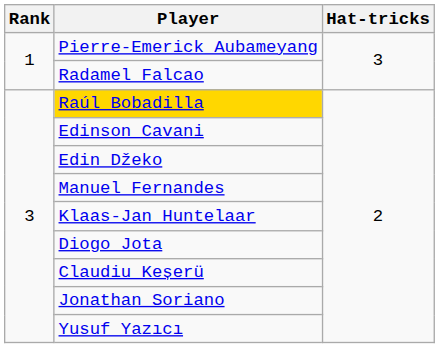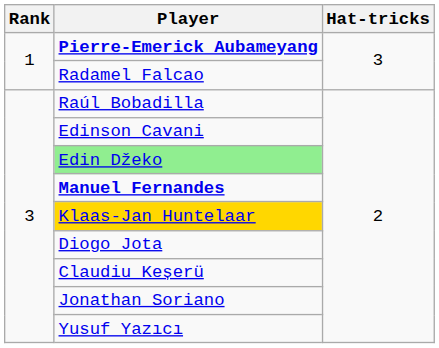 <table class="wikitable">
 <tr>
 <th scope="col">Rank</th>
 <th scope="col">Player</th>
 <th scope="col">Hat-tricks</th>
 </tr>
 <tr>
 <td rowspan="2" style="text-align:center">1</td>
-<td scope="row"> <a href='#'>Pierre-Emerick Aubameyang</a></td>
+<td scope="row"><strong> <a href='#'>Pierre-Emerick Aubameyang</a></strong></td>
 <td rowspan="2" style="text-align:center">3</td>
 </tr>
 <tr>
 <td scope="row"> <a href='#'>Radamel Falcao</a></td>
 </tr>
 <tr>
 <td rowspan="9" style="text-align:center">3</td>
-<td scope="row" style="background: gold;"> <a href='#'>Raúl Bobadilla</a></td>
+<td scope="row"> <a href='#'>Raúl Bobadilla</a></td>
 <td rowspan="9" style="text-align:center">2</td>
 </tr>
 <tr>
 <td scope="row"> <a href='#'>Edinson Cavani</a></td>
 </tr>
 <tr>
-<td scope="row"> <a href='#'>Edin Džeko</a></td>
+<td scope="row" style="background: lightgreen;"> <a href='#'>Edin Džeko</a></td>
 </tr>
 <tr>
-<td scope="row"> <a href='#'>Manuel Fernandes</a></td>
+<td scope="row"><strong> <a href='#'>Manuel Fernandes</a></strong></td>
 </tr>
 <tr>
-<td scope="row"> <a href='#'>Klaas-Jan Huntelaar</a></td>
+<td scope="row" style="background: gold;"> <a href='#'>Klaas-Jan Huntelaar</a></td>
 </tr>
 <tr>
 <td scope="row"> <a href='#'>Diogo Jota</a></td>
 </tr>
 <tr>
 <td scope="row"> <a href='#'>Claudiu Keșerü</a></td>
 </tr>
 <tr>
 <td scope="row"> <a href='#'>Jonathan Soriano</a></td>
 </tr>
 <tr>
 <td scope="row"> <a href='#'>Yusuf Yazıcı</a></td>
 </tr>
 </table>
